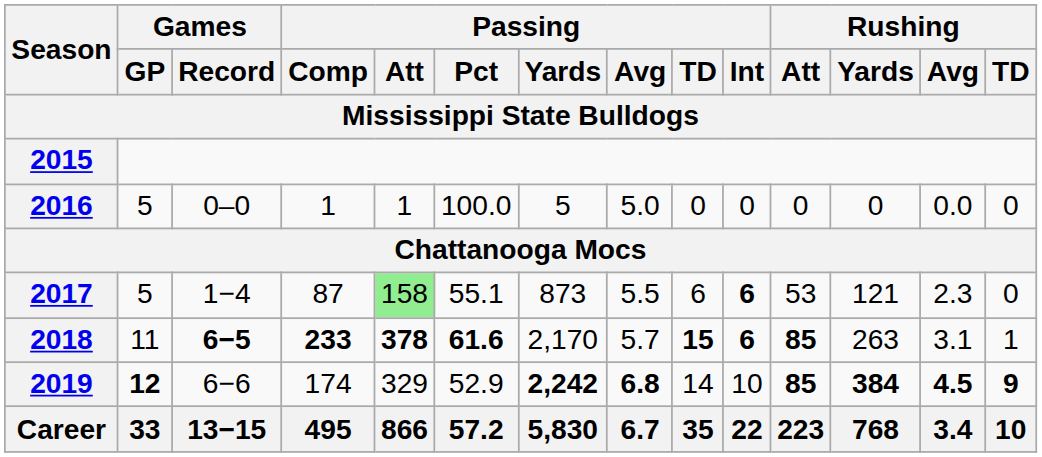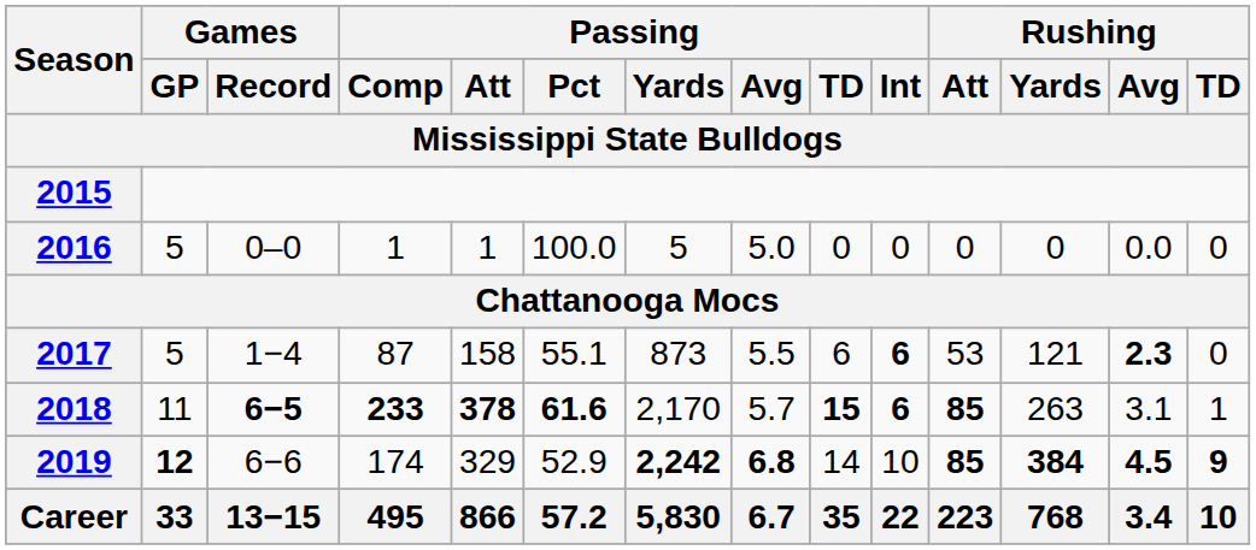 <table class="wikitable" style="text-align:center;">
 <tr>
 <th rowspan="2">Season</th>
 <th colspan="2">Games</th>
 <th colspan="7">Passing</th>
 <th colspan="4">Rushing</th>
 </tr>
 <tr>
 <th>GP</th>
 <th>Record</th>
 <th>Comp</th>
 <th>Att</th>
 <th>Pct</th>
 <th>Yards</th>
 <th>Avg</th>
 <th>TD</th>
 <th>Int</th>
 <th>Att</th>
 <th>Yards</th>
 <th>Avg</th>
 <th>TD</th>
 </tr>
 <tr>
 <th colspan="15">Mississippi State Bulldogs</th>
 </tr>
 <tr>
 <th><a href='#'>2015</a></th>
 <td colspan="14"></td>
 </tr>
 <tr>
 <th><a href='#'>2016</a></th>
 <td>5</td>
 <td>0–0</td>
 <td>1</td>
 <td>1</td>
 <td>100.0</td>
 <td>5</td>
 <td>5.0</td>
 <td>0</td>
 <td>0</td>
 <td>0</td>
 <td>0</td>
 <td>0.0</td>
 <td>0</td>
 </tr>
 <tr>
 <th colspan="15">Chattanooga Mocs</th>
 </tr>
 <tr>
 <th><a href='#'>2017</a></th>
 <td>5</td>
 <td>1−4</td>
 <td>87</td>
-<td style="background: lightgreen;">158</td>
+<td>158</td>
 <td>55.1</td>
 <td>873</td>
 <td>5.5</td>
 <td>6</td>
 <td><strong>6</strong></td>
 <td>53</td>
 <td>121</td>
-<td>2.3</td>
+<td><strong>2.3</strong></td>
 <td>0</td>
 </tr>
 <tr>
 <th><a href='#'>2018</a></th>
 <td>11</td>
 <td><strong>6−5</strong></td>
 <td><strong>233</strong></td>
 <td><strong>378</strong></td>
 <td><strong>61.6</strong></td>
 <td>2,170</td>
 <td>5.7</td>
 <td><strong>15</strong></td>
 <td><strong>6</strong></td>
 <td><strong>85</strong></td>
 <td>263</td>
 <td>3.1</td>
 <td>1</td>
 </tr>
 <tr>
 <th><a href='#'>2019</a></th>
 <td><strong>12</strong></td>
 <td>6−6</td>
 <td>174</td>
 <td>329</td>
 <td>52.9</td>
 <td><strong>2,242</strong></td>
 <td><strong>6.8</strong></td>
 <td>14</td>
 <td>10</td>
 <td><strong>85</strong></td>
 <td><strong>384</strong></td>
 <td><strong>4.5</strong></td>
 <td><strong>9</strong></td>
 </tr>
 <tr>
 <th>Career</th>
 <th>33</th>
 <th>13−15</th>
 <th>495</th>
 <th>866</th>
 <th>57.2</th>
 <th>5,830</th>
 <th>6.7</th>
 <th>35</th>
 <th>22</th>
 <th>223</th>
 <th>768</th>
 <th>3.4</th>
 <th>10</th>
 </tr>
 </table>
